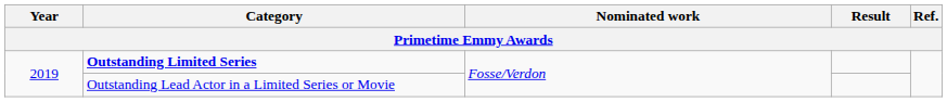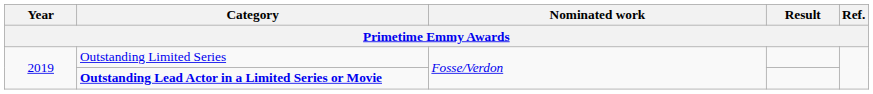 <table class=wikitable>
 <tr>
 <th scope="col" style="width:5em;">Year</th>
 <th scope="col" style="width:26em;">Category</th>
 <th scope="col" style="width:25em;">Nominated work</th>
 <th scope="col" style="width:5em;">Result</th>
 <th>Ref.</th>
 </tr>
 <tr>
 <th colspan=5><a href='#'>Primetime Emmy Awards</a></th>
 </tr>
 <tr>
 <td style="text-align:center;", rowspan="2"><a href='#'>2019</a></td>
-<td><strong><a href='#'>Outstanding Limited Series</a></strong></td>
+<td><a href='#'>Outstanding Limited Series</a></td>
 <td rowspan="2"><em><a href='#'>Fosse/Verdon</a></em></td>
 <td></td>
 <td align=center rowspan="2"></td>
 </tr>
 <tr>
-<td><a href='#'>Outstanding Lead Actor in a Limited Series or Movie</a></td>
+<td><strong><a href='#'>Outstanding Lead Actor in a Limited Series or Movie</a></strong></td>
 <td></td>
 </tr>
 </table>
